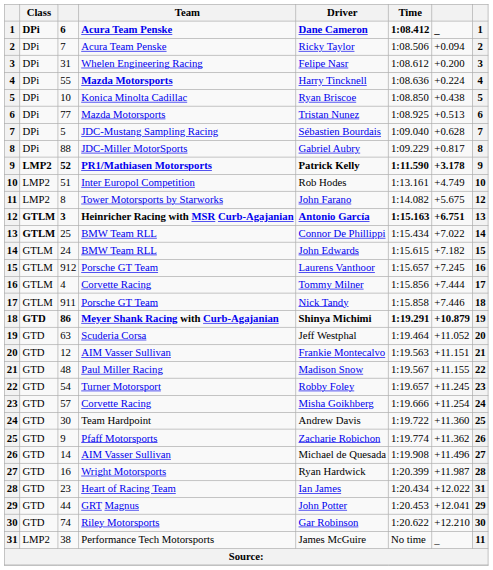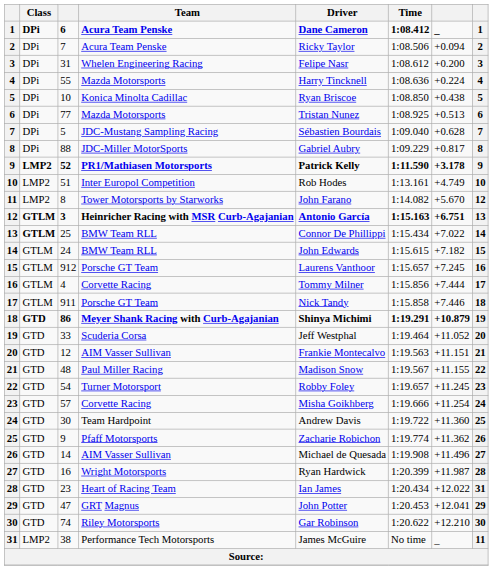 <table class="wikitable">
 <tr>
 <th scope="col"></th>
 <th scope="col">Class</th>
 <th scope="col"></th>
 <th scope="col">Team</th>
 <th scope="col">Driver</th>
 <th scope="col">Time</th>
 <th scope="col"></th>
 <th scope="col"></th>
 </tr>
 <tr style="font-weight:bold">
 <th scope="row">1</th>
 <td>DPi</td>
 <td>6</td>
 <td> <a href='#'>Acura Team Penske</a></td>
 <td> <a href='#'>Dane Cameron</a></td>
 <td>1:08.412</td>
 <td>_</td>
 <th>1</th>
 </tr>
 <tr>
 <th scope="row">2</th>
 <td>DPi</td>
 <td>7</td>
 <td> <a href='#'>Acura Team Penske</a></td>
 <td> <a href='#'>Ricky Taylor</a></td>
 <td>1:08.506</td>
 <td>+0.094</td>
 <th>2</th>
 </tr>
 <tr>
 <th scope="row">3</th>
 <td>DPi</td>
 <td>31</td>
 <td> <a href='#'>Whelen Engineering Racing</a></td>
 <td> <a href='#'>Felipe Nasr</a></td>
 <td>1:08.612</td>
 <td>+0.200</td>
 <th>3</th>
 </tr>
 <tr>
 <th scope="row">4</th>
 <td>DPi</td>
 <td>55</td>
-<td><strong> <a href='#'>Mazda Motorsports</a></strong></td>
+<td> <a href='#'>Mazda Motorsports</a></td>
 <td> <a href='#'>Harry Tincknell</a></td>
 <td>1:08.636</td>
 <td>+0.224</td>
 <th>4</th>
 </tr>
 <tr>
 <th scope="row">5</th>
 <td>DPi</td>
 <td>10</td>
 <td> <a href='#'>Konica Minolta Cadillac</a></td>
 <td> <a href='#'>Ryan Briscoe</a></td>
 <td>1:08.850</td>
 <td>+0.438</td>
 <th>5</th>
 </tr>
 <tr>
 <th scope="row">6</th>
 <td>DPi</td>
 <td>77</td>
 <td> <a href='#'>Mazda Motorsports</a></td>
 <td> <a href='#'>Tristan Nunez</a></td>
 <td>1:08.925</td>
 <td>+0.513</td>
 <th>6</th>
 </tr>
 <tr>
 <th scope="row">7</th>
 <td>DPi</td>
 <td>5</td>
 <td> <a href='#'>JDC-Mustang Sampling Racing</a></td>
 <td> <a href='#'>Sébastien Bourdais</a></td>
 <td>1:09.040</td>
 <td>+0.628</td>
 <th>7</th>
 </tr>
 <tr>
 <th scope="row">8</th>
 <td>DPi</td>
 <td>88</td>
 <td> <a href='#'>JDC-Miller MotorSports</a></td>
 <td> <a href='#'>Gabriel Aubry</a></td>
 <td>1:09.229</td>
 <td>+0.817</td>
 <th>8</th>
 </tr>
 <tr style="font-weight:bold">
 <th scope="row">9</th>
 <td>LMP2</td>
 <td>52</td>
 <td> <a href='#'>PR1/Mathiasen Motorsports</a></td>
 <td> Patrick Kelly</td>
 <td>1:11.590</td>
 <td>+3.178</td>
 <th>9</th>
 </tr>
 <tr>
 <th scope="row">10</th>
 <td>LMP2</td>
 <td>51</td>
 <td> <a href='#'>Inter Europol Competition</a></td>
 <td> Rob Hodes</td>
 <td>1:13.161</td>
 <td>+4.749</td>
 <th>10</th>
 </tr>
 <tr>
 <th scope="row">11</th>
 <td>LMP2</td>
 <td>8</td>
 <td> <a href='#'>Tower Motorsports by Starworks</a></td>
 <td> <a href='#'>John Farano</a></td>
 <td>1:14.082</td>
-<td>+5.675</td>
+<td>+5.670</td>
 <th><strong>12</strong></th>
 </tr>
 <tr style="font-weight:bold">
 <th scope="row">12</th>
 <td>GTLM</td>
 <td>3</td>
 <td> Heinricher Racing with <a href='#'>MSR</a> <a href='#'>Curb-Agajanian</a></td>
 <td> <a href='#'>Antonio García</a></td>
 <td>1:15.163</td>
 <td>+6.751</td>
 <th>13</th>
 </tr>
 <tr>
 <th scope="row">13</th>
 <td><strong>GTLM</strong></td>
 <td>25</td>
 <td> <a href='#'>BMW Team RLL</a></td>
 <td> <a href='#'>Connor De Phillippi</a></td>
 <td>1:15.434</td>
 <td>+7.022</td>
 <th>14</th>
 </tr>
 <tr>
 <th scope="row">14</th>
 <td>GTLM</td>
 <td>24</td>
 <td> <a href='#'>BMW Team RLL</a></td>
 <td> <a href='#'>John Edwards</a></td>
 <td>1:15.615</td>
 <td>+7.182</td>
 <th>15</th>
 </tr>
 <tr>
 <th scope="row">15</th>
 <td>GTLM</td>
 <td>912</td>
 <td> <a href='#'>Porsche GT Team</a></td>
 <td> <a href='#'>Laurens Vanthoor</a></td>
 <td>1:15.657</td>
 <td>+7.245</td>
 <th>16</th>
 </tr>
 <tr>
 <th scope="row">16</th>
 <td>GTLM</td>
 <td>4</td>
 <td> <a href='#'>Corvette Racing</a></td>
 <td> <a href='#'>Tommy Milner</a></td>
 <td>1:15.856</td>
 <td>+7.444</td>
 <th>17</th>
 </tr>
 <tr>
 <th scope="row">17</th>
 <td>GTLM</td>
 <td>911</td>
 <td> <a href='#'>Porsche GT Team</a></td>
 <td> <a href='#'>Nick Tandy</a></td>
 <td>1:15.858</td>
 <td>+7.446</td>
 <th>18</th>
 </tr>
 <tr style="font-weight:bold">
 <th scope="row">18</th>
 <td>GTD</td>
 <td>86</td>
 <td> <a href='#'>Meyer Shank Racing</a> with <a href='#'>Curb-Agajanian</a></td>
 <td> Shinya Michimi</td>
 <td>1:19.291</td>
 <td>+10.879</td>
 <th>19</th>
 </tr>
 <tr>
 <th scope="row">19</th>
 <td>GTD</td>
-<td>63</td>
+<td>33</td>
 <td> <a href='#'>Scuderia Corsa</a></td>
 <td> Jeff Westphal</td>
 <td>1:19.464</td>
 <td>+11.052</td>
 <th>20</th>
 </tr>
 <tr>
 <th scope="row">20</th>
 <td>GTD</td>
 <td>12</td>
 <td> <a href='#'>AIM Vasser Sullivan</a></td>
 <td> <a href='#'>Frankie Montecalvo</a></td>
 <td>1:19.563</td>
 <td>+11.151</td>
 <th>21</th>
 </tr>
 <tr>
 <th scope="row">21</th>
 <td>GTD</td>
 <td>48</td>
 <td> <a href='#'>Paul Miller Racing</a></td>
 <td> <a href='#'>Madison Snow</a></td>
 <td>1:19.567</td>
 <td>+11.155</td>
 <th>22</th>
 </tr>
 <tr>
 <th scope="row">22</th>
 <td>GTD</td>
 <td>54</td>
 <td> <a href='#'>Turner Motorsport</a></td>
 <td> <a href='#'>Robby Foley</a></td>
 <td>1:19.657</td>
 <td>+11.245</td>
 <th>23</th>
 </tr>
 <tr>
 <th scope="row">23</th>
 <td>GTD</td>
 <td>57</td>
 <td> <a href='#'>Corvette Racing</a></td>
 <td> <a href='#'>Misha Goikhberg</a></td>
 <td>1:19.666</td>
 <td>+11.254</td>
 <th>24</th>
 </tr>
 <tr>
 <th scope="row">24</th>
 <td>GTD</td>
 <td>30</td>
 <td> Team Hardpoint</td>
 <td> Andrew Davis</td>
 <td>1:19.722</td>
 <td>+11.360</td>
 <th>25</th>
 </tr>
 <tr>
 <th scope="row">25</th>
 <td>GTD</td>
 <td>9</td>
 <td> <a href='#'>Pfaff Motorsports</a></td>
 <td> <a href='#'>Zacharie Robichon</a></td>
 <td>1:19.774</td>
 <td>+11.362</td>
 <th>26</th>
 </tr>
 <tr>
 <th scope="row">26</th>
 <td>GTD</td>
 <td>14</td>
 <td> <a href='#'>AIM Vasser Sullivan</a></td>
 <td> Michael de Quesada</td>
 <td>1:19.908</td>
 <td>+11.496</td>
 <th>27</th>
 </tr>
 <tr>
 <th scope="row">27</th>
 <td>GTD</td>
 <td>16</td>
 <td> <a href='#'>Wright Motorsports</a></td>
 <td> Ryan Hardwick</td>
 <td>1:20.399</td>
 <td>+11.987</td>
 <th>28</th>
 </tr>
 <tr>
 <th scope="row">28</th>
 <td>GTD</td>
 <td>23</td>
 <td> <a href='#'>Heart of Racing Team</a></td>
 <td> <a href='#'>Ian James</a></td>
 <td>1:20.434</td>
 <td>+12.022</td>
 <th>31</th>
 </tr>
 <tr>
 <th scope="row">29</th>
 <td>GTD</td>
-<td>44</td>
+<td>47</td>
 <td> <a href='#'>GRT</a> <a href='#'>Magnus</a></td>
 <td> <a href='#'>John Potter</a></td>
 <td>1:20.453</td>
 <td>+12.041</td>
 <th>29</th>
 </tr>
 <tr>
 <th scope="row">30</th>
 <td>GTD</td>
 <td>74</td>
 <td> <a href='#'>Riley Motorsports</a></td>
 <td> <a href='#'>Gar Robinson</a></td>
 <td>1:20.622</td>
 <td>+12.210</td>
 <th>30</th>
 </tr>
 <tr>
 <th scope="row">31</th>
 <td>LMP2</td>
 <td>38</td>
 <td> Performance Tech Motorsports</td>
 <td> James McGuire</td>
 <td>No time</td>
 <td>_</td>
 <th>11</th>
 </tr>
 <tr>
 <th colspan="8">Source:</th>
 </tr>
 <tr>
 </tr>
 </table>
